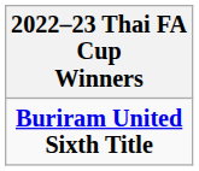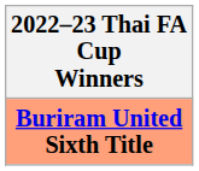 <table class="wikitable" style="text-align: center; margin: 0 auto; width: 20%">
 <tr>
 <th>2022–23 Thai FA Cup<br>Winners</th>
 </tr>
 <tr>
-<td align="center"><strong><a href='#'>Buriram United</a></strong><br><strong>Sixth Title</strong></td>
+<td align="center" style="background: lightsalmon;"><strong><a href='#'>Buriram United</a></strong><br><strong>Sixth Title</strong></td>
 </tr>
 </table>
